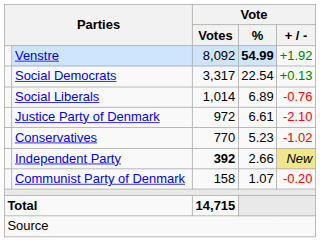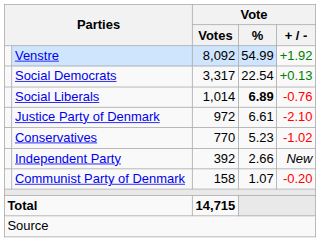 <table class="wikitable" style="text-align:right;">
 <tr>
 <th style="text-align:centre;" rowspan="2" colspan="2" width="225">Parties</th>
 <th colspan="3">Vote</th>
 </tr>
 <tr>
 <th width="15">Votes</th>
 <th width="15">%</th>
 <th width="15">+ / -</th>
 </tr>
 <tr>
 <td width="2" style="color:inherit;background:"></td>
 <td bgcolor=#cfe5fe  align="left"><a href='#'>Venstre</a></td>
 <td bgcolor=#cfe5fe>8,092</td>
-<td bgcolor=#cfe5fe><strong>54.99</strong></td>
+<td bgcolor=#cfe5fe>54.99</td>
 <td style=color:green;>+1.92</td>
 </tr>
 <tr>
 <td width="2" style="color:inherit;background:"></td>
 <td align="left"><a href='#'>Social Democrats</a></td>
 <td>3,317</td>
 <td>22.54</td>
 <td style=color:green;>+0.13</td>
 </tr>
 <tr>
 <td width="2" style="color:inherit;background:"></td>
 <td align="left"><a href='#'>Social Liberals</a></td>
 <td>1,014</td>
-<td>6.89</td>
+<td><strong>6.89</strong></td>
 <td style=color:red;>-0.76</td>
 </tr>
 <tr>
 <td width="2" style="color:inherit;background:"></td>
 <td align="left"><a href='#'>Justice Party of Denmark</a></td>
 <td>972</td>
 <td>6.61</td>
 <td style=color:red;>-2.10</td>
 </tr>
 <tr>
 <td width="2" style="color:inherit;background:"></td>
 <td align="left"><a href='#'>Conservatives</a></td>
 <td>770</td>
 <td>5.23</td>
 <td style=color:red;>-1.02</td>
 </tr>
 <tr>
 <td width="2" style="color:inherit;background:"></td>
 <td align="left"><a href='#'>Independent Party</a></td>
-<td><strong>392</strong></td>
+<td>392</td>
 <td>2.66</td>
-<td style="background: khaki;"><em>New</em></td>
+<td><em>New</em></td>
 </tr>
 <tr>
 <td width="2" style="color:inherit;background:"></td>
 <td align="left"><a href='#'>Communist Party of Denmark</a></td>
 <td>158</td>
 <td>1.07</td>
 <td style=color:red;>-0.20</td>
 </tr>
 <tr>
 <td colspan="7" bgcolor="#E9E9E9"></td>
 </tr>
 <tr>
 <td align="left" colspan="2"><strong>Total</strong></td>
 <td><strong>14,715</strong></td>
 <td bgcolor="#E9E9E9" colspan="2"></td>
 </tr>
 <tr>
 <td align="left" colspan="6">Source</td>
 </tr>
 </table>
